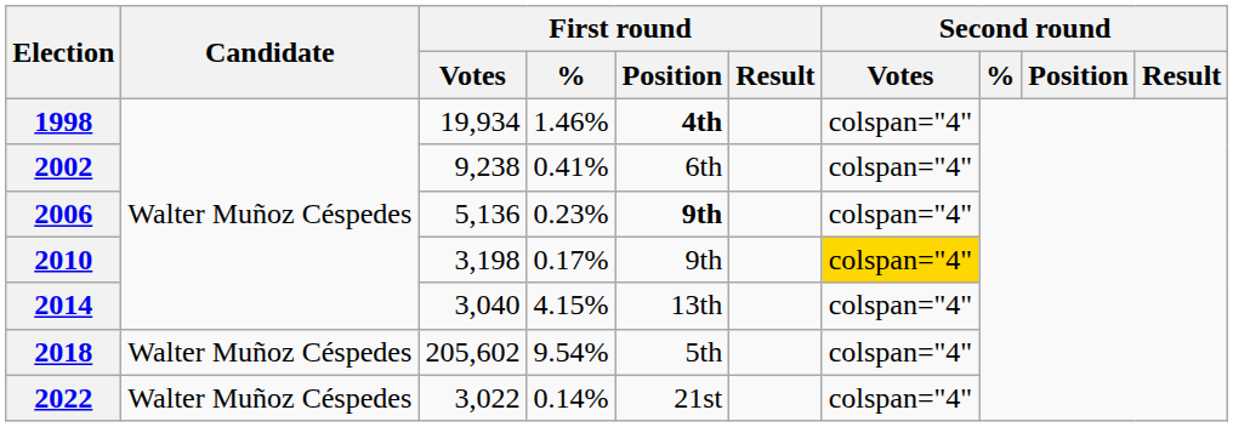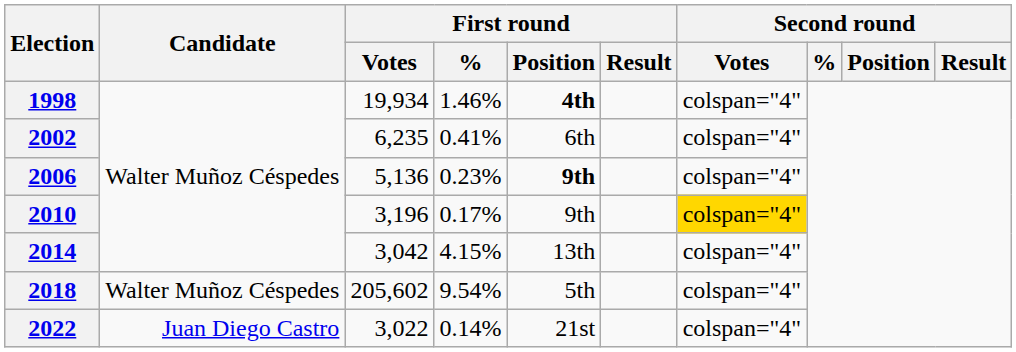 <table class=wikitable style="text-align: right;">
 <tr>
 <th rowspan=2>Election</th>
 <th rowspan=2>Candidate</th>
 <th colspan=4>First round</th>
 <th colspan=4>Second round</th>
 </tr>
 <tr>
 <th>Votes</th>
 <th>%</th>
 <th>Position</th>
 <th>Result</th>
 <th>Votes</th>
 <th>%</th>
 <th>Position</th>
 <th>Result</th>
 </tr>
 <tr>
 <th><a href='#'>1998</a></th>
 <td rowspan="5">Walter Muñoz Céspedes</td>
 <td>19,934</td>
 <td>1.46%</td>
 <td><strong>4th</strong></td>
 <td></td>
 <td>colspan="4" </td>
 </tr>
 <tr>
 <th><a href='#'>2002</a></th>
-<td>9,238</td>
+<td>6,235</td>
 <td>0.41%</td>
 <td> 6th</td>
 <td></td>
 <td>colspan="4" </td>
 </tr>
 <tr>
 <th><a href='#'>2006</a></th>
 <td>5,136</td>
 <td>0.23%</td>
 <td><strong> 9th</strong></td>
 <td></td>
 <td>colspan="4" </td>
 </tr>
 <tr>
 <th><a href='#'>2010</a></th>
-<td>3,198</td>
+<td>3,196</td>
 <td>0.17%</td>
 <td> 9th</td>
 <td></td>
 <td style="background: gold;">colspan="4" </td>
 </tr>
 <tr>
 <th><a href='#'>2014</a></th>
-<td>3,040</td>
+<td>3,042</td>
 <td>4.15%</td>
 <td> 13th</td>
 <td></td>
 <td>colspan="4" </td>
 </tr>
 <tr>
 <th><a href='#'>2018</a></th>
 <td>Walter Muñoz Céspedes</td>
 <td>205,602</td>
 <td>9.54%</td>
 <td> 5th</td>
 <td></td>
 <td>colspan="4" </td>
 </tr>
 <tr>
 <th><a href='#'>2022</a></th>
-<td>Walter Muñoz Céspedes</td>
+<td><a href='#'>Juan Diego Castro</a></td>
 <td>3,022</td>
 <td>0.14%</td>
 <td> 21st</td>
 <td></td>
 <td>colspan="4" </td>
 </tr>
 </table>
